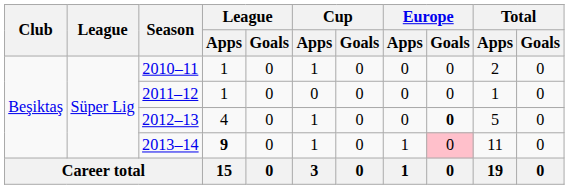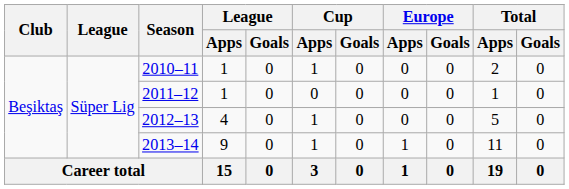 <table class="wikitable" style="text-align:center;">
 <tr>
 <th rowspan="2">Club</th>
 <th rowspan="2">League</th>
 <th rowspan="2">Season</th>
 <th colspan="2">League</th>
 <th colspan="2">Cup</th>
 <th colspan="2"><a href='#'>Europe</a></th>
 <th colspan="2">Total</th>
 </tr>
 <tr>
 <th>Apps</th>
 <th>Goals</th>
 <th>Apps</th>
 <th>Goals</th>
 <th>Apps</th>
 <th>Goals</th>
 <th>Apps</th>
 <th>Goals</th>
 </tr>
 <tr>
 <td rowspan="4"><a href='#'>Beşiktaş</a></td>
 <td rowspan="4"><a href='#'>Süper Lig</a></td>
 <td><a href='#'>2010–11</a></td>
 <td>1</td>
 <td>0</td>
 <td>1</td>
 <td>0</td>
 <td>0</td>
 <td>0</td>
 <td>2</td>
 <td>0</td>
 </tr>
 <tr>
 <td><a href='#'>2011–12</a></td>
 <td>1</td>
 <td>0</td>
 <td>0</td>
 <td>0</td>
 <td>0</td>
 <td>0</td>
 <td>1</td>
 <td>0</td>
 </tr>
 <tr>
 <td><a href='#'>2012–13</a></td>
 <td>4</td>
 <td>0</td>
 <td>1</td>
 <td>0</td>
 <td>0</td>
-<td><strong>0</strong></td>
+<td>0</td>
 <td>5</td>
 <td>0</td>
 </tr>
 <tr>
 <td><a href='#'>2013–14</a></td>
-<td><strong>9</strong></td>
+<td>9</td>
 <td>0</td>
 <td>1</td>
 <td>0</td>
 <td>1</td>
-<td style="background: pink;">0</td>
+<td>0</td>
 <td>11</td>
 <td>0</td>
 </tr>
 <tr>
 <th colspan="3">Career total</th>
 <th>15</th>
 <th>0</th>
 <th>3</th>
 <th>0</th>
 <th>1</th>
 <th>0</th>
 <th>19</th>
 <th>0</th>
 </tr>
 </table>
